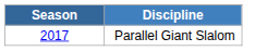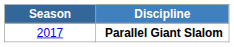 <table class="wikitable" style="font-size:95%; text-align:center; border:grey solid 1px; border-collapse:collapse; background:#ffffff;">
 <tr style="background-color:#369; color:white;">
 <td rowspan="2" colspan="1" style="width:110px"><strong>Season</strong></td>
 </tr>
 <tr style="background-color:#4180be; color:white;">
 <td><strong>Discipline</strong></td>
 </tr>
 <tr>
 <td align=center><a href='#'>2017</a></td>
-<td align=center>  Parallel Giant Slalom </td>
+<td align=center><strong>  Parallel Giant Slalom </strong></td>
 </tr>
 </table>
